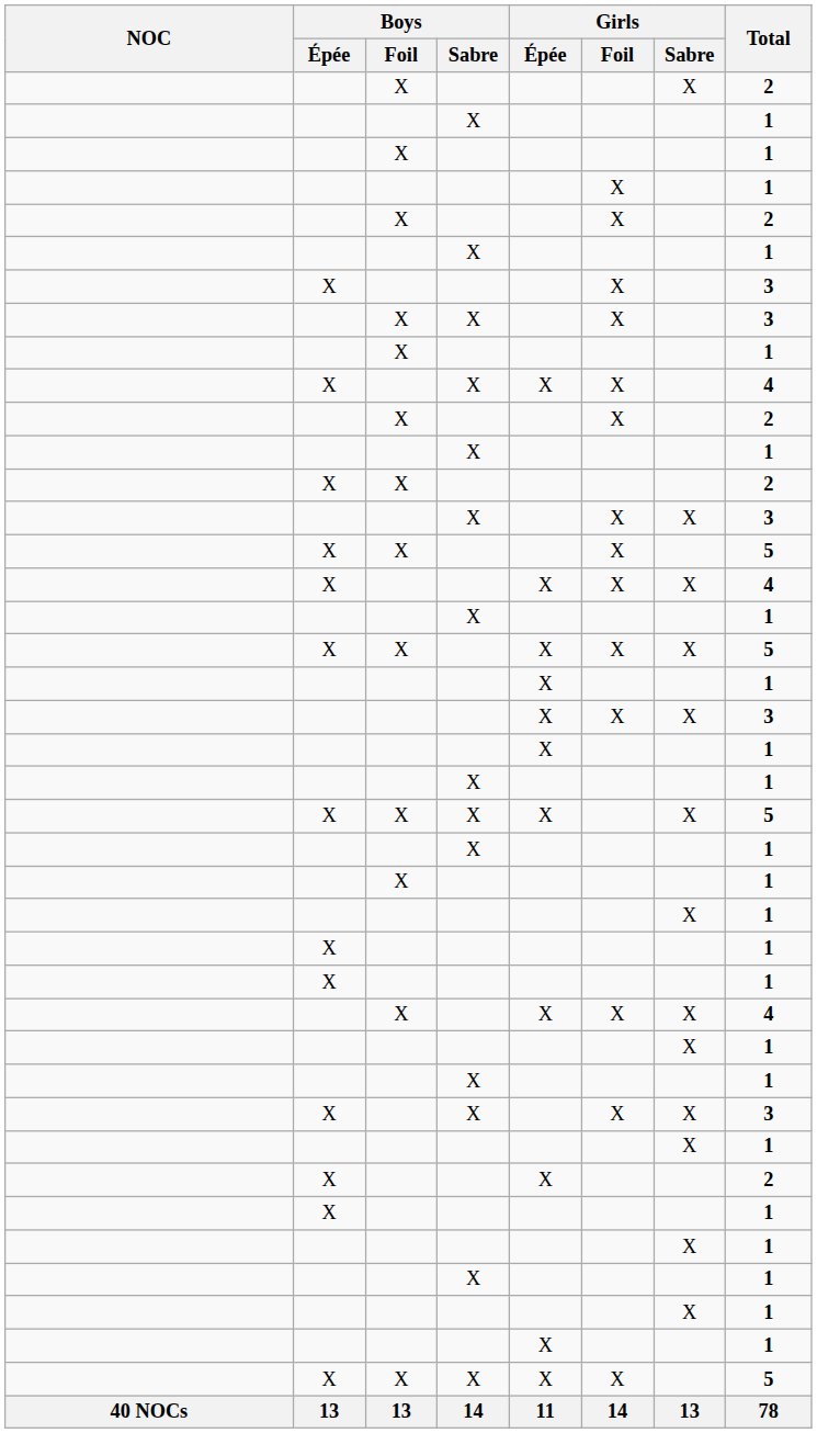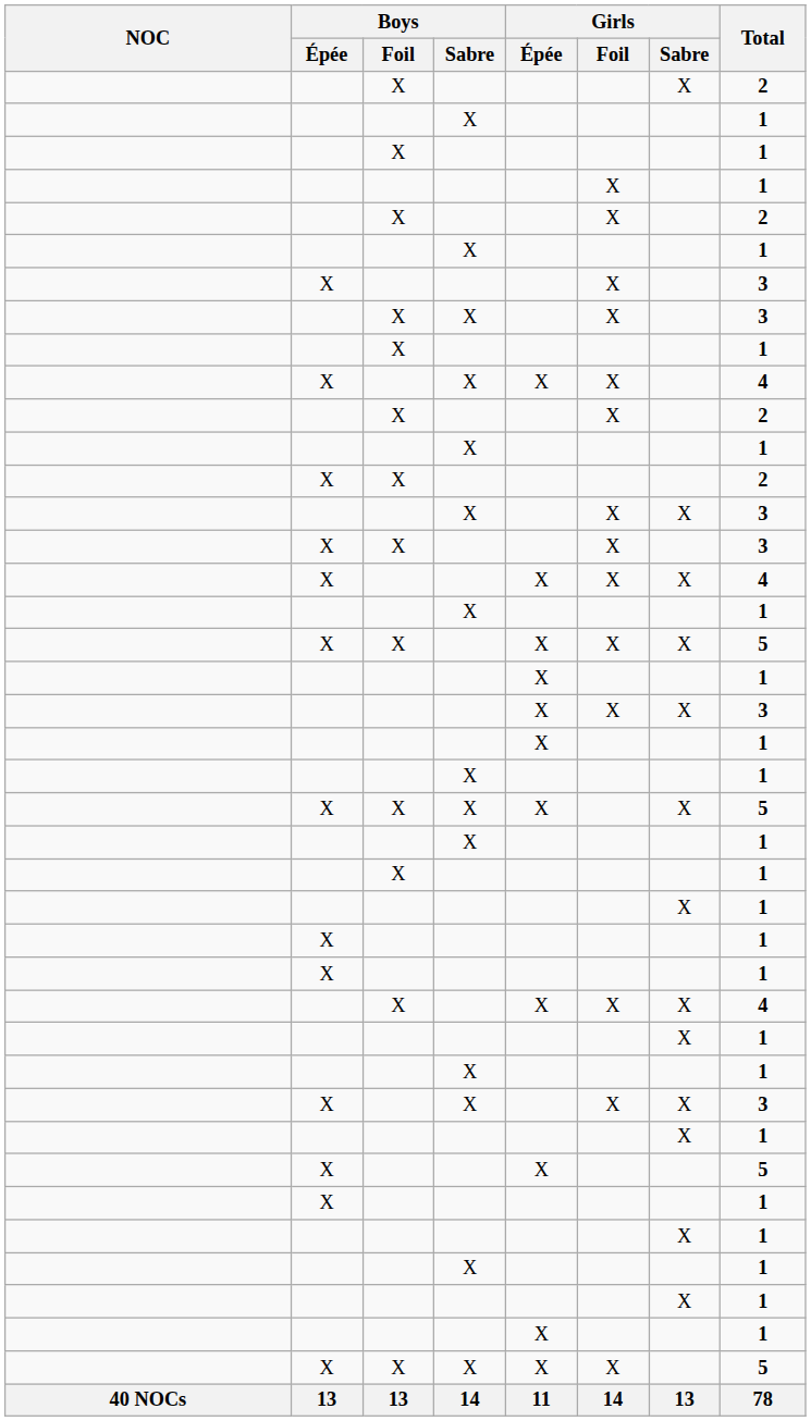 <table class="wikitable" style="text-align:center; font-size:90%">
 <tr>
 <th rowspan="2" width=200 align="left">NOC</th>
 <th colspan="3">Boys</th>
 <th colspan="3">Girls</th>
 <th width=55 rowspan="2">Total</th>
 </tr>
 <tr>
 <th width=45>Épée</th>
 <th width=45>Foil</th>
 <th width=45>Sabre</th>
 <th width=45>Épée</th>
 <th width=45>Foil</th>
 <th width=45>Sabre</th>
 </tr>
 <tr>
 <td align="left"></td>
 <td></td>
 <td>X</td>
 <td></td>
 <td></td>
 <td></td>
 <td>X</td>
 <td><strong>2</strong></td>
 </tr>
 <tr>
 <td align="left"></td>
 <td></td>
 <td></td>
 <td>X</td>
 <td></td>
 <td></td>
 <td></td>
 <td><strong>1</strong></td>
 </tr>
 <tr>
 <td align="left"></td>
 <td></td>
 <td>X</td>
 <td></td>
 <td></td>
 <td></td>
 <td></td>
 <td><strong>1</strong></td>
 </tr>
 <tr>
 <td align="left"></td>
 <td></td>
 <td></td>
 <td></td>
 <td></td>
 <td>X</td>
 <td></td>
 <td><strong>1</strong></td>
 </tr>
 <tr>
 <td align="left"></td>
 <td></td>
 <td>X</td>
 <td></td>
 <td></td>
 <td>X</td>
 <td></td>
 <td><strong>2</strong></td>
 </tr>
 <tr>
 <td align="left"></td>
 <td></td>
 <td></td>
 <td>X</td>
 <td></td>
 <td></td>
 <td></td>
 <td><strong>1</strong></td>
 </tr>
 <tr>
 <td align="left"></td>
 <td>X</td>
 <td></td>
 <td></td>
 <td></td>
 <td>X</td>
 <td></td>
 <td><strong>3</strong></td>
 </tr>
 <tr>
 <td align="left"></td>
 <td></td>
 <td>X</td>
 <td>X</td>
 <td></td>
 <td>X</td>
 <td></td>
 <td><strong>3</strong></td>
 </tr>
 <tr>
 <td align="left"></td>
 <td></td>
 <td>X</td>
 <td></td>
 <td></td>
 <td></td>
 <td></td>
 <td><strong>1</strong></td>
 </tr>
 <tr>
 <td align="left"></td>
 <td>X</td>
 <td></td>
 <td>X</td>
 <td>X</td>
 <td>X</td>
 <td></td>
 <td><strong>4</strong></td>
 </tr>
 <tr>
 <td align="left"></td>
 <td></td>
 <td>X</td>
 <td></td>
 <td></td>
 <td>X</td>
 <td></td>
 <td><strong>2</strong></td>
 </tr>
 <tr>
 <td align="left"></td>
 <td></td>
 <td></td>
 <td>X</td>
 <td></td>
 <td></td>
 <td></td>
 <td><strong>1</strong></td>
 </tr>
 <tr>
 <td align="left"></td>
 <td>X</td>
 <td>X</td>
 <td></td>
 <td></td>
 <td></td>
 <td></td>
 <td><strong>2</strong></td>
 </tr>
 <tr>
 <td align="left"></td>
 <td></td>
 <td></td>
 <td>X</td>
 <td></td>
 <td>X</td>
 <td>X</td>
 <td><strong>3</strong></td>
 </tr>
 <tr>
 <td align="left"></td>
 <td>X</td>
 <td>X</td>
 <td></td>
 <td></td>
 <td>X</td>
 <td></td>
-<td><strong>5</strong></td>
+<td><strong>3</strong></td>
 </tr>
 <tr>
 <td align="left"></td>
 <td>X</td>
 <td></td>
 <td></td>
 <td>X</td>
 <td>X</td>
 <td>X</td>
 <td><strong>4</strong></td>
 </tr>
 <tr>
 <td align="left"></td>
 <td></td>
 <td></td>
 <td>X</td>
 <td></td>
 <td></td>
 <td></td>
 <td><strong>1</strong></td>
 </tr>
 <tr>
 <td align="left"></td>
 <td>X</td>
 <td>X</td>
 <td></td>
 <td>X</td>
 <td>X</td>
 <td>X</td>
 <td><strong>5</strong></td>
 </tr>
 <tr>
 <td align="left"></td>
 <td></td>
 <td></td>
 <td></td>
 <td>X</td>
 <td></td>
 <td></td>
 <td><strong>1</strong></td>
 </tr>
 <tr>
 <td align="left"></td>
 <td></td>
 <td></td>
 <td></td>
 <td>X</td>
 <td>X</td>
 <td>X</td>
 <td><strong>3</strong></td>
 </tr>
 <tr>
 <td align="left"></td>
 <td></td>
 <td></td>
 <td></td>
 <td>X</td>
 <td></td>
 <td></td>
 <td><strong>1</strong></td>
 </tr>
 <tr>
 <td align="left"></td>
 <td></td>
 <td></td>
 <td>X</td>
 <td></td>
 <td></td>
 <td></td>
 <td><strong>1</strong></td>
 </tr>
 <tr>
 <td align="left"></td>
 <td>X</td>
 <td>X</td>
 <td>X</td>
 <td>X</td>
 <td></td>
 <td>X</td>
 <td><strong>5</strong></td>
 </tr>
 <tr>
 <td align="left"></td>
 <td></td>
 <td></td>
 <td>X</td>
 <td></td>
 <td></td>
 <td></td>
 <td><strong>1</strong></td>
 </tr>
 <tr>
 <td align="left"></td>
 <td></td>
 <td>X</td>
 <td></td>
 <td></td>
 <td></td>
 <td></td>
 <td><strong>1</strong></td>
 </tr>
 <tr>
 <td align="left"></td>
 <td></td>
 <td></td>
 <td></td>
 <td></td>
 <td></td>
 <td>X</td>
 <td><strong>1</strong></td>
 </tr>
 <tr>
 <td align="left"></td>
 <td>X</td>
 <td></td>
 <td></td>
 <td></td>
 <td></td>
 <td></td>
 <td><strong>1</strong></td>
 </tr>
 <tr>
 <td align="left"></td>
 <td>X</td>
 <td></td>
 <td></td>
 <td></td>
 <td></td>
 <td></td>
 <td><strong>1</strong></td>
 </tr>
 <tr>
 <td align="left"></td>
 <td></td>
 <td>X</td>
 <td></td>
 <td>X</td>
 <td>X</td>
 <td>X</td>
 <td><strong>4</strong></td>
 </tr>
 <tr>
 <td align="left"></td>
 <td></td>
 <td></td>
 <td></td>
 <td></td>
 <td></td>
 <td>X</td>
 <td><strong>1</strong></td>
 </tr>
 <tr>
 <td align="left"></td>
 <td></td>
 <td></td>
 <td>X</td>
 <td></td>
 <td></td>
 <td></td>
 <td><strong>1</strong></td>
 </tr>
 <tr>
 <td align="left"></td>
 <td>X</td>
 <td></td>
 <td>X</td>
 <td></td>
 <td>X</td>
 <td>X</td>
 <td><strong>3</strong></td>
 </tr>
 <tr>
 <td align="left"></td>
 <td></td>
 <td></td>
 <td></td>
 <td></td>
 <td></td>
 <td>X</td>
 <td><strong>1</strong></td>
 </tr>
 <tr>
 <td align="left"></td>
 <td>X</td>
 <td></td>
 <td></td>
 <td>X</td>
 <td></td>
 <td></td>
-<td><strong>2</strong></td>
+<td><strong>5</strong></td>
 </tr>
 <tr>
 <td align="left"></td>
 <td>X</td>
 <td></td>
 <td></td>
 <td></td>
 <td></td>
 <td></td>
 <td><strong>1</strong></td>
 </tr>
 <tr>
 <td align="left"></td>
 <td></td>
 <td></td>
 <td></td>
 <td></td>
 <td></td>
 <td>X</td>
 <td><strong>1</strong></td>
 </tr>
 <tr>
 <td align="left"></td>
 <td></td>
 <td></td>
 <td>X</td>
 <td></td>
 <td></td>
 <td></td>
 <td><strong>1</strong></td>
 </tr>
 <tr>
 <td align="left"></td>
 <td></td>
 <td></td>
 <td></td>
 <td></td>
 <td></td>
 <td>X</td>
 <td><strong>1</strong></td>
 </tr>
 <tr>
 <td align="left"></td>
 <td></td>
 <td></td>
 <td></td>
 <td>X</td>
 <td></td>
 <td></td>
 <td><strong>1</strong></td>
 </tr>
 <tr>
 <td align="left"></td>
 <td>X</td>
 <td>X</td>
 <td>X</td>
 <td>X</td>
 <td>X</td>
 <td></td>
 <td><strong>5</strong></td>
 </tr>
 <tr>
 <th>40 NOCs</th>
 <th>13</th>
 <th>13</th>
 <th>14</th>
 <th>11</th>
 <th>14</th>
 <th>13</th>
 <th>78</th>
 </tr>
 </table>
